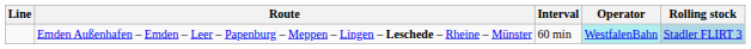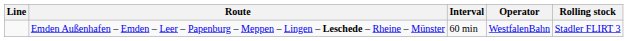 <table class="wikitable">
 <tr>
 <th>Line</th>
 <th colspan="3">Route</th>
 <th>Interval</th>
 <th>Operator</th>
 <th>Rolling stock</th>
 </tr>
 <tr>
 <td></td>
 <td colspan="3"><a href='#'>Emden Außenhafen</a> – <a href='#'>Emden</a> – <a href='#'>Leer</a> – <a href='#'>Papenburg</a> – <a href='#'>Meppen</a> – <a href='#'>Lingen</a> – <strong>Leschede</strong> – <a href='#'>Rheine</a> – <a href='#'>Münster</a></td>
 <td>60 min</td>
-<td style="background: paleturquoise;"><a href='#'>WestfalenBahn</a></td>
-<td style="background: lightblue;"><a href='#'>Stadler FLIRT 3</a></td>
+<td><a href='#'>WestfalenBahn</a></td>
+<td><a href='#'>Stadler FLIRT 3</a></td>
 </tr>
 </table>
